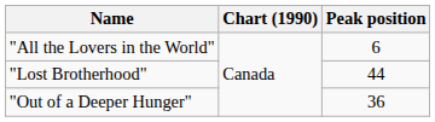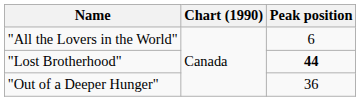 <table class="wikitable">
 <tr>
 <th align="left">Name</th>
 <th align="left">Chart (1990)</th>
 <th style="text-align:center;">Peak position</th>
 </tr>
 <tr>
 <td>"All the Lovers in the World"</td>
 <td rowspan="4">Canada</td>
 <td style="text-align:center;">6</td>
 </tr>
 <tr>
 <td>"Lost Brotherhood"</td>
-<td style="text-align:center;">44</td>
+<td style="text-align:center;"><strong>44</strong></td>
 </tr>
 <tr>
 <td>"Out of a Deeper Hunger"</td>
 <td style="text-align:center;">36</td>
 </tr>
 </table>
